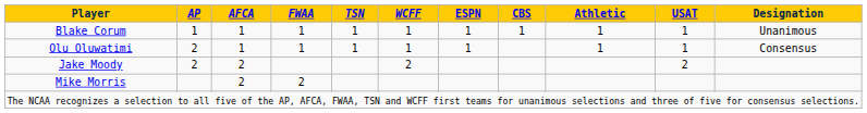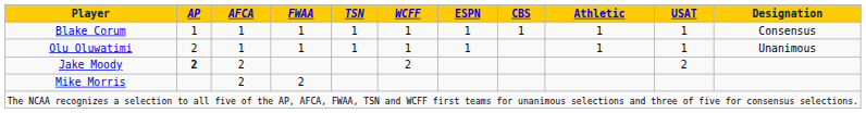 <table class="wikitable" style="text-align: center">
 <tr>
 <th style="background: #FFCB05; color: #00274C"><span>Player</span></th>
 <th style="background: #FFCB05; color: #00274C"><a href='#'><span><em>AP</em></span></a></th>
 <th style="background: #FFCB05; color: #00274C"><a href='#'><span><em>AFCA</em></span></a></th>
 <th style="background: #FFCB05; color: #00274C"><a href='#'><span><em>FWAA</em></span></a></th>
 <th style="background: #FFCB05; color: #00274C"><a href='#'><span><em>TSN</em></span></a></th>
 <th style="background: #FFCB05; color: #00274C"><a href='#'><span><em>WCFF</em></span></a></th>
 <th style="background: #FFCB05; color: #00274C"><a href='#'><span>ESPN</span></a></th>
 <th style="background: #FFCB05; color: #00274C"><a href='#'><span>CBS</span></a></th>
 <th style="background: #FFCB05; color: #00274C"><a href='#'><span>Athletic</span></a></th>
 <th style="background: #FFCB05; color: #00274C"><a href='#'><span>USAT</span></a></th>
 <th style="background: #FFCB05; color: #00274C"><span>Designation</span></th>
 </tr>
 <tr align="center">
 <td><a href='#'>Blake Corum</a></td>
 <td>1</td>
 <td>1</td>
 <td>1</td>
 <td>1</td>
 <td>1</td>
 <td>1</td>
 <td>1</td>
 <td>1</td>
 <td>1</td>
-<td>Unanimous</td>
+<td>Consensus</td>
 </tr>
 <tr align="center">
 <td><a href='#'>Olu Oluwatimi</a></td>
 <td>2</td>
 <td>1</td>
 <td>1</td>
 <td>1</td>
 <td>1</td>
 <td>1</td>
 <td></td>
 <td>1</td>
 <td>1</td>
-<td>Consensus</td>
+<td>Unanimous</td>
 </tr>
 <tr align="center">
 <td><a href='#'>Jake Moody</a></td>
-<td>2</td>
+<td><strong>2</strong></td>
 <td>2</td>
 <td></td>
 <td></td>
 <td>2</td>
 <td></td>
 <td></td>
 <td></td>
 <td>2</td>
 <td></td>
 </tr>
 <tr align="center">
 <td><a href='#'>Mike Morris</a></td>
 <td></td>
 <td>2</td>
 <td>2</td>
 <td></td>
 <td></td>
 <td></td>
 <td></td>
 <td></td>
 <td></td>
 <td></td>
 </tr>
 <tr align="center">
 <td colspan=13><small>The NCAA recognizes a selection to all five of the AP, AFCA, FWAA, TSN and WCFF first teams for unanimous selections and three of five for consensus selections.</small></td>
 </tr>
 </table>
